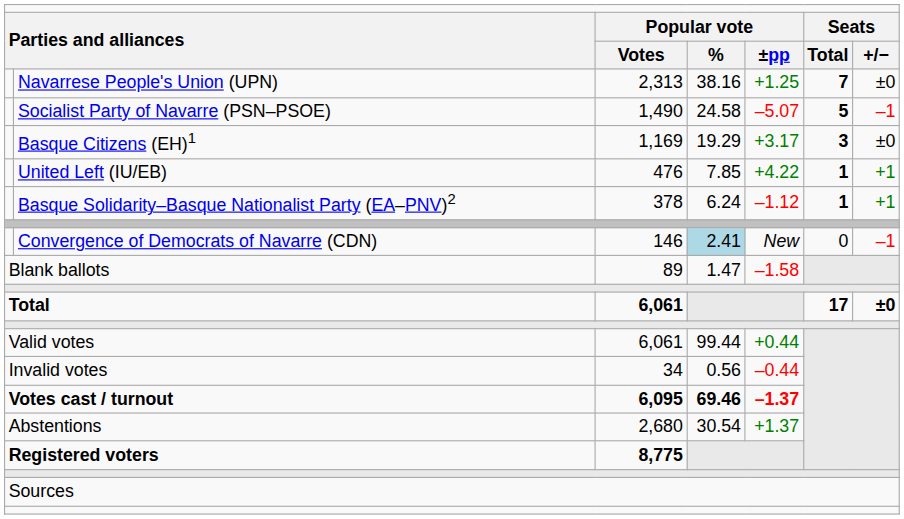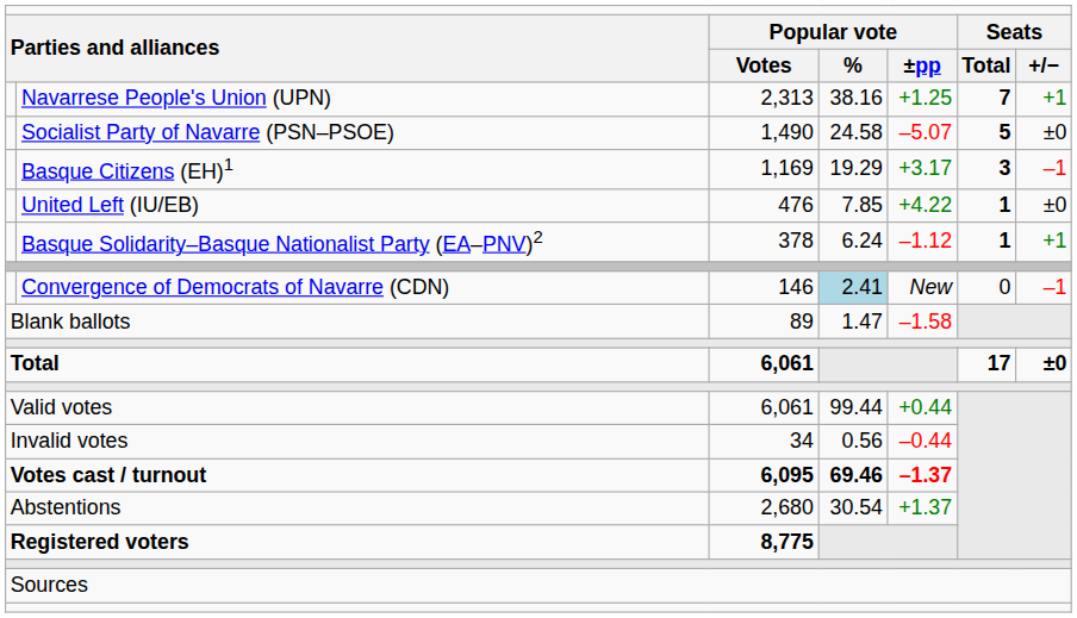 <table class="wikitable" style="text-align:right;">
 <tr>
 <td colspan="7"></td>
 </tr>
 <tr>
 <th style="text-align:left;" rowspan="2" colspan="2" width="525">Parties and alliances</th>
 <th colspan="3">Popular vote</th>
 <th colspan="2">Seats</th>
 </tr>
 <tr>
 <th width="75">Votes</th>
 <th width="45">%</th>
 <th width="45">±<a href='#'>pp</a></th>
 <th width="35">Total</th>
 <th width="35">+/−</th>
 </tr>
 <tr>
 <td width="1" style="color:inherit;background:"></td>
 <td align="left"><a href='#'>Navarrese People's Union</a> (UPN)</td>
 <td>2,313</td>
 <td>38.16</td>
 <td style="color:green;">+1.25</td>
 <td><strong>7</strong></td>
-<td>±0</td>
+<td style="color:green;">+1</td>
 </tr>
 <tr>
 <td style="color:inherit;background:"></td>
 <td align="left"><a href='#'>Socialist Party of Navarre</a> (PSN–PSOE)</td>
 <td>1,490</td>
 <td>24.58</td>
 <td style="color:red;">–5.07</td>
 <td><strong>5</strong></td>
-<td style="color:red;">–1</td>
+<td>±0</td>
 </tr>
 <tr>
 <td style="color:inherit;background:"></td>
 <td align="left"><a href='#'>Basque Citizens</a> (EH)<sup>1</sup></td>
 <td>1,169</td>
 <td>19.29</td>
 <td style="color:green;">+3.17</td>
 <td><strong>3</strong></td>
-<td>±0</td>
+<td style="color:red;">–1</td>
 </tr>
 <tr>
 <td style="color:inherit;background:"></td>
 <td align="left"><a href='#'>United Left</a> (IU/EB)</td>
 <td>476</td>
 <td>7.85</td>
 <td style="color:green;">+4.22</td>
 <td><strong>1</strong></td>
-<td style="color:green;">+1</td>
+<td>±0</td>
 </tr>
 <tr>
 <td style="color:inherit;background:"></td>
 <td align="left"><a href='#'>Basque Solidarity–Basque Nationalist Party</a> (<a href='#'>EA</a>–<a href='#'>PNV</a>)<sup>2</sup></td>
 <td>378</td>
 <td>6.24</td>
 <td style="color:red;">–1.12</td>
 <td><strong>1</strong></td>
 <td style="color:green;">+1</td>
 </tr>
 <tr>
 <td colspan="7" bgcolor="#C0C0C0"></td>
 </tr>
 <tr>
 <td style="color:inherit;background:"></td>
 <td align="left"><a href='#'>Convergence of Democrats of Navarre</a> (CDN)</td>
 <td>146</td>
 <td style="background: lightblue;">2.41</td>
 <td><em>New</em></td>
 <td>0</td>
 <td style="color:red;">–1</td>
 </tr>
 <tr>
 <td align="left" colspan="2">Blank ballots</td>
 <td>89</td>
 <td>1.47</td>
 <td style="color:red;">–1.58</td>
 <td bgcolor="#E9E9E9" colspan="2"></td>
 </tr>
 <tr>
 <td colspan="7" bgcolor="#E9E9E9"></td>
 </tr>
 <tr style="font-weight:bold;">
 <td align="left" colspan="2">Total</td>
 <td>6,061</td>
 <td bgcolor="#E9E9E9" colspan="2"></td>
 <td>17</td>
 <td>±0</td>
 </tr>
 <tr>
 <td colspan="7" bgcolor="#E9E9E9"></td>
 </tr>
 <tr>
 <td align="left" colspan="2">Valid votes</td>
 <td>6,061</td>
 <td>99.44</td>
 <td style="color:green;">+0.44</td>
 <td bgcolor="#E9E9E9" colspan="2" rowspan="5"></td>
 </tr>
 <tr>
 <td align="left" colspan="2">Invalid votes</td>
 <td>34</td>
 <td>0.56</td>
 <td style="color:red;">–0.44</td>
 </tr>
 <tr style="font-weight:bold;">
 <td align="left" colspan="2">Votes cast / turnout</td>
 <td>6,095</td>
 <td>69.46</td>
 <td style="color:red;">–1.37</td>
 </tr>
 <tr>
 <td align="left" colspan="2">Abstentions</td>
 <td>2,680</td>
 <td>30.54</td>
 <td style="color:green;">+1.37</td>
 </tr>
 <tr style="font-weight:bold;">
 <td align="left" colspan="2">Registered voters</td>
 <td>8,775</td>
 <td bgcolor="#E9E9E9" colspan="2"></td>
 </tr>
 <tr>
 <td colspan="7" bgcolor="#E9E9E9"></td>
 </tr>
 <tr>
 <td align="left" colspan="7">Sources</td>
 </tr>
 <tr>
 <td colspan="7" style="text-align:left; max-width:790px;"></td>
 </tr>
 </table>
